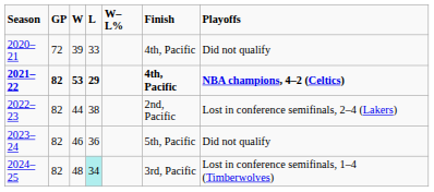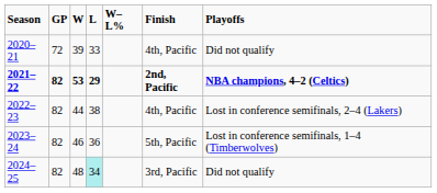 <table class="wikitable">
 <tr style="font-weight:bold; ">
 <td>Season</td>
 <td>GP</td>
 <td>W</td>
 <td>L</td>
 <td>W–L%</td>
 <td>Finish</td>
 <td>Playoffs</td>
 </tr>
 <tr>
 <td><a href='#'>2020–21</a></td>
 <td>72</td>
 <td>39</td>
 <td>33</td>
 <td></td>
 <td>4th, Pacific</td>
 <td>Did not qualify</td>
 </tr>
 <tr style="font-weight:bold">
 <td><a href='#'>2021–22</a></td>
 <td>82</td>
 <td>53</td>
 <td>29</td>
 <td></td>
-<td>4th, Pacific</td>
+<td>2nd, Pacific</td>
 <td><a href='#'>NBA champions</a>, 4–2 (<a href='#'>Celtics</a>)</td>
 </tr>
 <tr>
 <td><a href='#'>2022–23</a></td>
 <td>82</td>
 <td>44</td>
 <td>38</td>
 <td></td>
-<td>2nd, Pacific</td>
+<td>4th, Pacific</td>
 <td>Lost in conference semifinals, 2–4 (<a href='#'>Lakers</a>)</td>
 </tr>
 <tr>
 <td><a href='#'>2023–24</a></td>
 <td>82</td>
 <td>46</td>
 <td>36</td>
 <td></td>
 <td>5th, Pacific</td>
-<td>Did not qualify</td>
+<td>Lost in conference semifinals, 1–4 (<a href='#'>Timberwolves</a>)</td>
 </tr>
 <tr>
 <td><a href='#'>2024–25</a></td>
 <td>82</td>
 <td>48</td>
 <td style="background: paleturquoise;">34</td>
 <td></td>
 <td>3rd, Pacific</td>
-<td>Lost in conference semifinals, 1–4 (<a href='#'>Timberwolves</a>)</td>
+<td>Did not qualify</td>
 </tr>
 </table>
